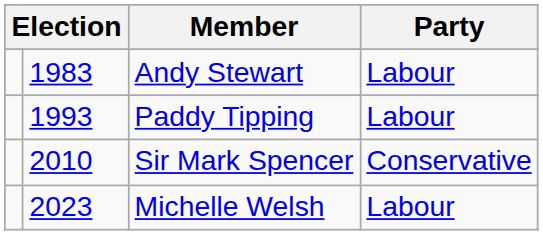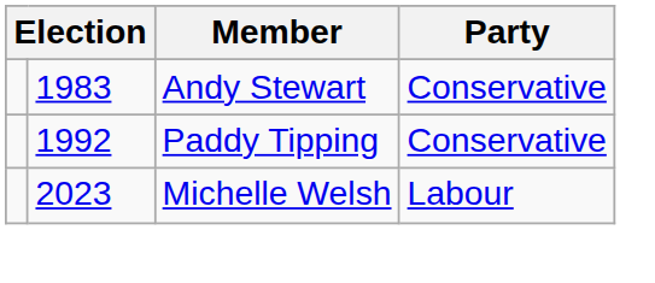 <table class="wikitable">
 <tr>
 <th colspan="2">Election</th>
 <th>Member</th>
 <th>Party</th>
 </tr>
 <tr>
 <td style="color:inherit;background-color: "></td>
 <td><a href='#'>1983</a></td>
 <td><a href='#'>Andy Stewart</a></td>
-<td><a href='#'>Labour</a></td>
+<td><a href='#'>Conservative</a></td>
 </tr>
 <tr>
 <td style="color:inherit;background-color: "></td>
-<td><a href='#'>1993</a></td>
+<td><a href='#'>1992</a></td>
 <td><a href='#'>Paddy Tipping</a></td>
-<td><a href='#'>Labour</a></td>
-</tr>
-<tr>
-<td style="color:inherit;background-color: "></td>
-<td><a href='#'>2010</a></td>
-<td><a href='#'>Sir Mark Spencer</a></td>
 <td><a href='#'>Conservative</a></td>
 </tr>
 <tr>
 <td style="color:inherit;background-color: "></td>
 <td><a href='#'>2023</a></td>
 <td><a href='#'>Michelle Welsh</a></td>
 <td><a href='#'>Labour</a></td>
 </tr>
 </table>
